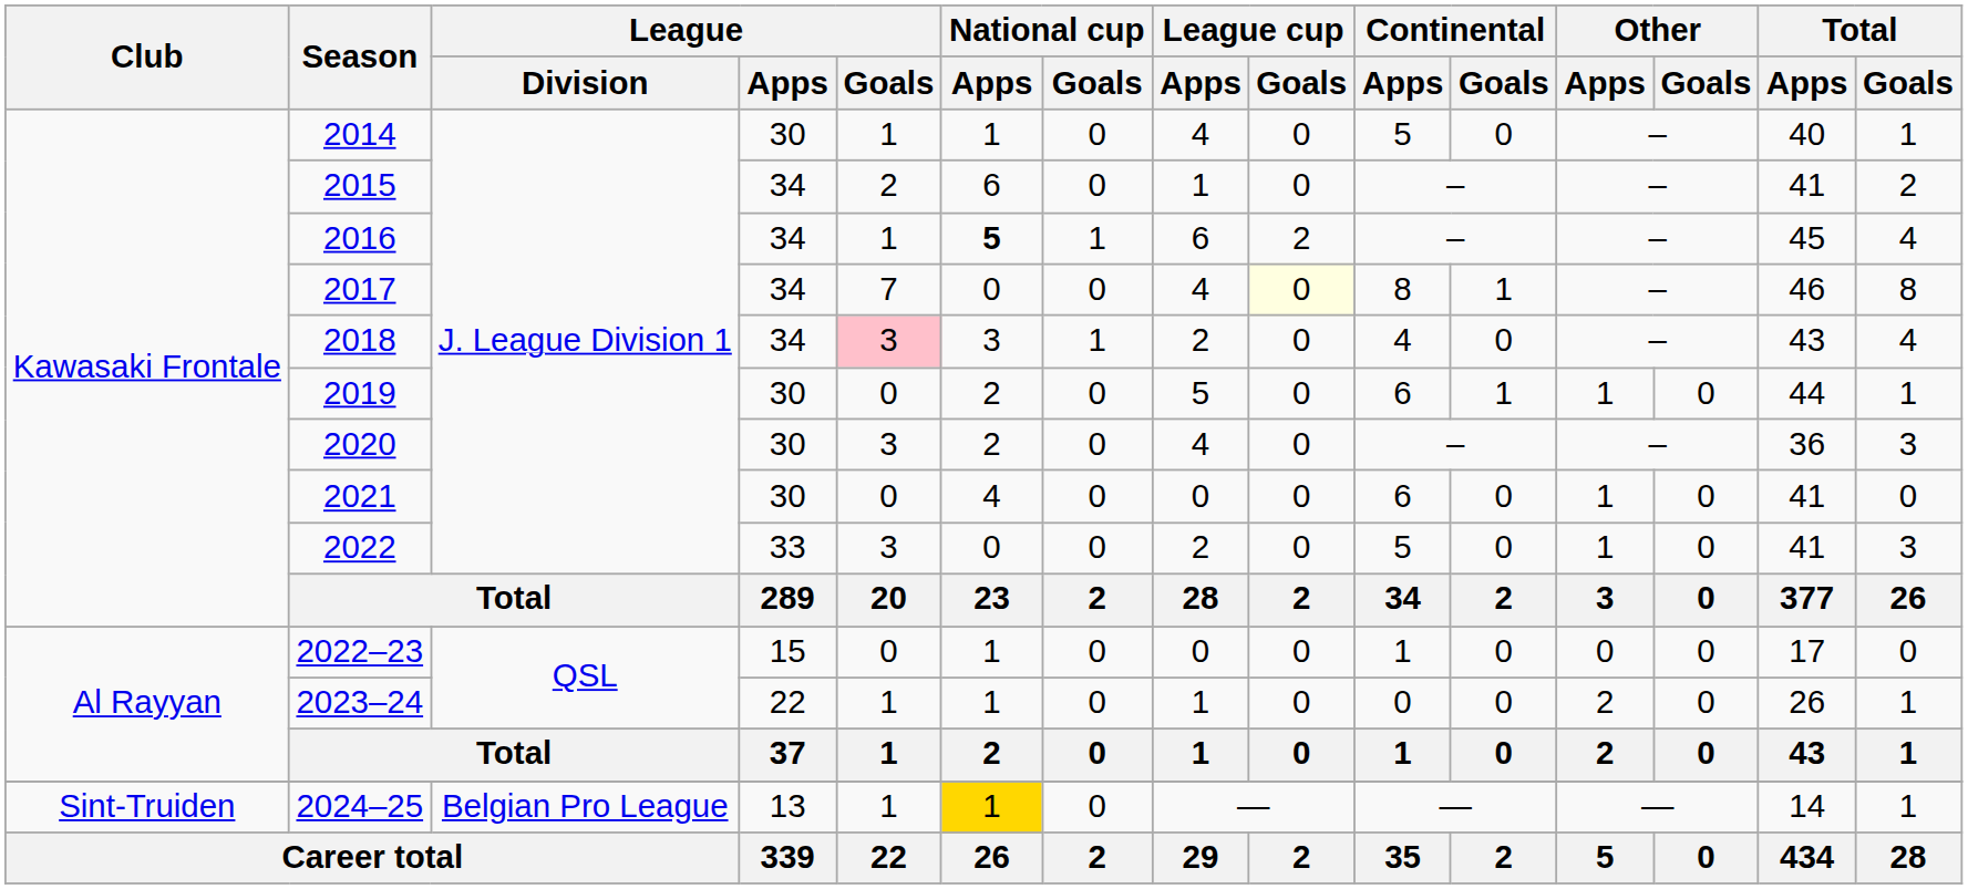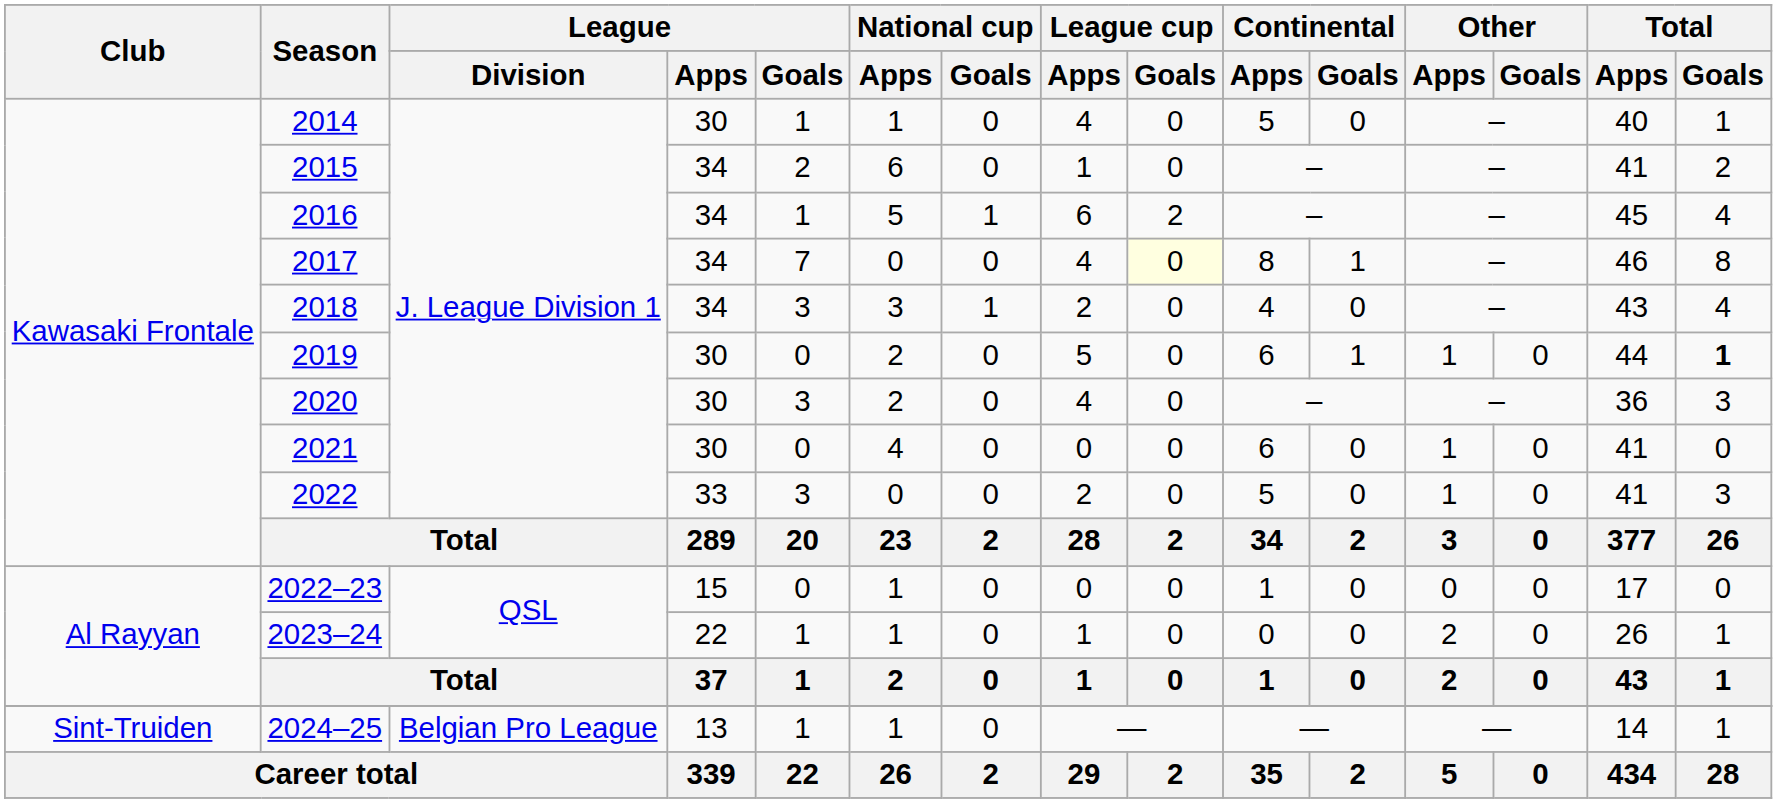 <table class="wikitable" style="text-align:center">
 <tr>
 <th rowspan="2">Club</th>
 <th rowspan="2">Season</th>
 <th colspan="3">League</th>
 <th colspan="2">National cup</th>
 <th colspan="2">League cup</th>
 <th colspan="2">Continental</th>
 <th colspan="2">Other</th>
 <th colspan="2">Total</th>
 </tr>
 <tr>
 <th>Division</th>
 <th>Apps</th>
 <th>Goals</th>
 <th>Apps</th>
 <th>Goals</th>
 <th>Apps</th>
 <th>Goals</th>
 <th>Apps</th>
 <th>Goals</th>
 <th>Apps</th>
 <th>Goals</th>
 <th>Apps</th>
 <th>Goals</th>
 </tr>
 <tr>
 <td rowspan="10"><a href='#'>Kawasaki Frontale</a></td>
 <td><a href='#'>2014</a></td>
 <td rowspan="9"><a href='#'>J. League Division 1</a></td>
 <td>30</td>
 <td>1</td>
 <td>1</td>
 <td>0</td>
 <td>4</td>
 <td>0</td>
 <td>5</td>
 <td>0</td>
 <td colspan="2">–</td>
 <td>40</td>
 <td>1</td>
 </tr>
 <tr>
 <td><a href='#'>2015</a></td>
 <td>34</td>
 <td>2</td>
 <td>6</td>
 <td>0</td>
 <td>1</td>
 <td>0</td>
 <td colspan="2">–</td>
 <td colspan="2">–</td>
 <td>41</td>
 <td>2</td>
 </tr>
 <tr>
 <td><a href='#'>2016</a></td>
 <td>34</td>
 <td>1</td>
-<td><strong>5</strong></td>
+<td>5</td>
 <td>1</td>
 <td>6</td>
 <td>2</td>
 <td colspan="2">–</td>
 <td colspan="2">–</td>
 <td>45</td>
 <td>4</td>
 </tr>
 <tr>
 <td><a href='#'>2017</a></td>
 <td>34</td>
 <td>7</td>
 <td>0</td>
 <td>0</td>
 <td>4</td>
 <td style="background: lightyellow;">0</td>
 <td>8</td>
 <td>1</td>
 <td colspan="2">–</td>
 <td>46</td>
 <td>8</td>
 </tr>
 <tr>
 <td><a href='#'>2018</a></td>
 <td>34</td>
-<td style="background: pink;">3</td>
+<td>3</td>
 <td>3</td>
 <td>1</td>
 <td>2</td>
 <td>0</td>
 <td>4</td>
 <td>0</td>
 <td colspan="2">–</td>
 <td>43</td>
 <td>4</td>
 </tr>
 <tr>
 <td><a href='#'>2019</a></td>
 <td>30</td>
 <td>0</td>
 <td>2</td>
 <td>0</td>
 <td>5</td>
 <td>0</td>
 <td>6</td>
 <td>1</td>
 <td>1</td>
 <td>0</td>
 <td>44</td>
-<td>1</td>
+<td><strong>1</strong></td>
 </tr>
 <tr>
 <td><a href='#'>2020</a></td>
 <td>30</td>
 <td>3</td>
 <td>2</td>
 <td>0</td>
 <td>4</td>
 <td>0</td>
 <td colspan="2">–</td>
 <td colspan="2">–</td>
 <td>36</td>
 <td>3</td>
 </tr>
 <tr>
 <td><a href='#'>2021</a></td>
 <td>30</td>
 <td>0</td>
 <td>4</td>
 <td>0</td>
 <td>0</td>
 <td>0</td>
 <td>6</td>
 <td>0</td>
 <td>1</td>
 <td>0</td>
 <td>41</td>
 <td>0</td>
 </tr>
 <tr>
 <td><a href='#'>2022</a></td>
 <td>33</td>
 <td>3</td>
 <td>0</td>
 <td>0</td>
 <td>2</td>
 <td>0</td>
 <td>5</td>
 <td>0</td>
 <td>1</td>
 <td>0</td>
 <td>41</td>
 <td>3</td>
 </tr>
 <tr>
 <th colspan="2">Total</th>
 <th>289</th>
 <th>20</th>
 <th>23</th>
 <th>2</th>
 <th>28</th>
 <th>2</th>
 <th>34</th>
 <th>2</th>
 <th>3</th>
 <th>0</th>
 <th>377</th>
 <th>26</th>
 </tr>
 <tr>
 <td rowspan="3"><a href='#'>Al Rayyan</a></td>
 <td><a href='#'>2022–23</a></td>
 <td rowspan="2"><a href='#'>QSL</a></td>
 <td>15</td>
 <td>0</td>
 <td>1</td>
 <td>0</td>
 <td>0</td>
 <td>0</td>
 <td>1</td>
 <td>0</td>
 <td>0</td>
 <td>0</td>
 <td>17</td>
 <td>0</td>
 </tr>
 <tr>
 <td><a href='#'>2023–24</a></td>
 <td>22</td>
 <td>1</td>
 <td>1</td>
 <td>0</td>
 <td>1</td>
 <td>0</td>
 <td>0</td>
 <td>0</td>
 <td>2</td>
 <td>0</td>
 <td>26</td>
 <td>1</td>
 </tr>
 <tr>
 <th colspan="2">Total</th>
 <th>37</th>
 <th>1</th>
 <th>2</th>
 <th>0</th>
 <th>1</th>
 <th>0</th>
 <th>1</th>
 <th>0</th>
 <th>2</th>
 <th>0</th>
 <th>43</th>
 <th>1</th>
 </tr>
 <tr>
 </tr>
 <tr>
 <td><a href='#'>Sint-Truiden</a></td>
 <td><a href='#'>2024–25</a></td>
 <td><a href='#'>Belgian Pro League</a></td>
 <td>13</td>
 <td>1</td>
-<td style="background: gold;">1</td>
+<td>1</td>
 <td>0</td>
 <td colspan="2">—</td>
 <td colspan="2">—</td>
 <td colspan="2">—</td>
 <td>14</td>
 <td>1</td>
 </tr>
 <tr>
 <th colspan="3">Career total</th>
 <th>339</th>
 <th>22</th>
 <th>26</th>
 <th>2</th>
 <th>29</th>
 <th>2</th>
 <th>35</th>
 <th>2</th>
 <th>5</th>
 <th>0</th>
 <th>434</th>
 <th>28</th>
 </tr>
 </table>
